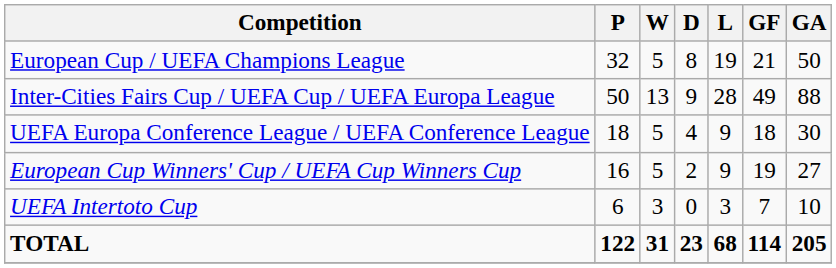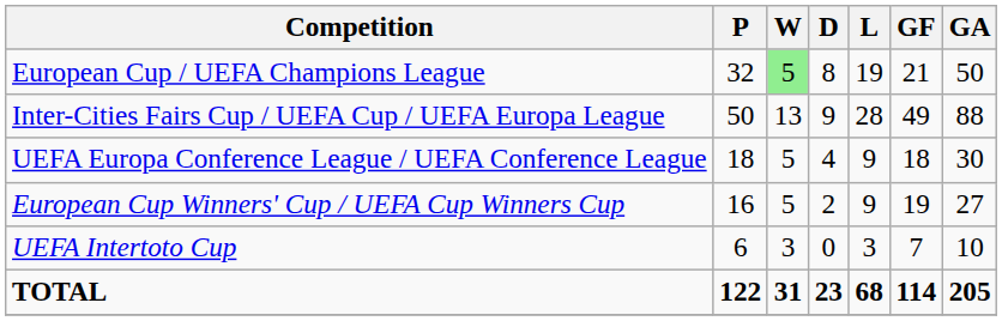 <table class="wikitable">
 <tr>
 <th>Competition</th>
 <th>P</th>
 <th>W</th>
 <th>D</th>
 <th>L</th>
 <th>GF</th>
 <th>GA</th>
 </tr>
 <tr>
 <td><a href='#'>European Cup / UEFA Champions League</a></td>
 <td style="text-align:center;">32</td>
-<td style="text-align:center;">5</td>
+<td style="background: lightgreen; text-align:center;">5</td>
 <td style="text-align:center;">8</td>
 <td style="text-align:center;">19</td>
 <td style="text-align:center;">21</td>
 <td style="text-align:center;">50</td>
 </tr>
 <tr>
 <td><a href='#'>Inter-Cities Fairs Cup / UEFA Cup / UEFA Europa League</a></td>
 <td style="text-align:center;">50</td>
 <td style="text-align:center;">13</td>
 <td style="text-align:center;">9</td>
 <td style="text-align:center;">28</td>
 <td style="text-align:center;">49</td>
 <td style="text-align:center;">88</td>
 </tr>
 <tr>
 <td><a href='#'>UEFA Europa Conference League / UEFA Conference League</a></td>
 <td style="text-align:center;">18</td>
 <td style="text-align:center;">5</td>
 <td style="text-align:center;">4</td>
 <td style="text-align:center;">9</td>
 <td style="text-align:center;">18</td>
 <td style="text-align:center;">30</td>
 </tr>
 <tr>
 <td><em><a href='#'>European Cup Winners' Cup / UEFA Cup Winners Cup</a></em></td>
 <td style="text-align:center;">16</td>
 <td style="text-align:center;">5</td>
 <td style="text-align:center;">2</td>
 <td style="text-align:center;">9</td>
 <td style="text-align:center;">19</td>
 <td style="text-align:center;">27</td>
 </tr>
 <tr>
 <td><em><a href='#'>UEFA Intertoto Cup</a></em></td>
 <td style="text-align:center;">6</td>
 <td style="text-align:center;">3</td>
 <td style="text-align:center;">0</td>
 <td style="text-align:center;">3</td>
 <td style="text-align:center;">7</td>
 <td style="text-align:center;">10</td>
 </tr>
 <tr>
 <td><strong>TOTAL</strong></td>
 <td style="text-align:center;"><strong>122</strong></td>
 <td style="text-align:center;"><strong>31</strong></td>
 <td style="text-align:center;"><strong>23</strong></td>
 <td style="text-align:center;"><strong>68</strong></td>
 <td style="text-align:center;"><strong>114</strong></td>
 <td style="text-align:center;"><strong>205</strong></td>
 </tr>
 <tr>
 </tr>
 </table>
